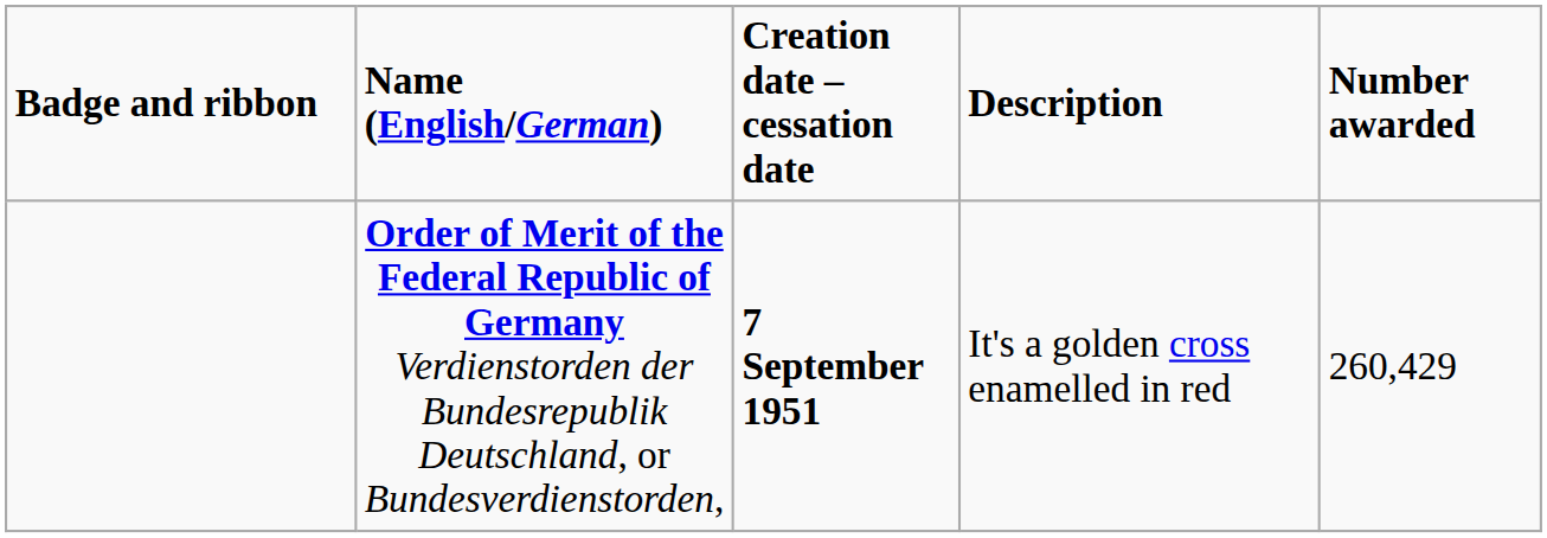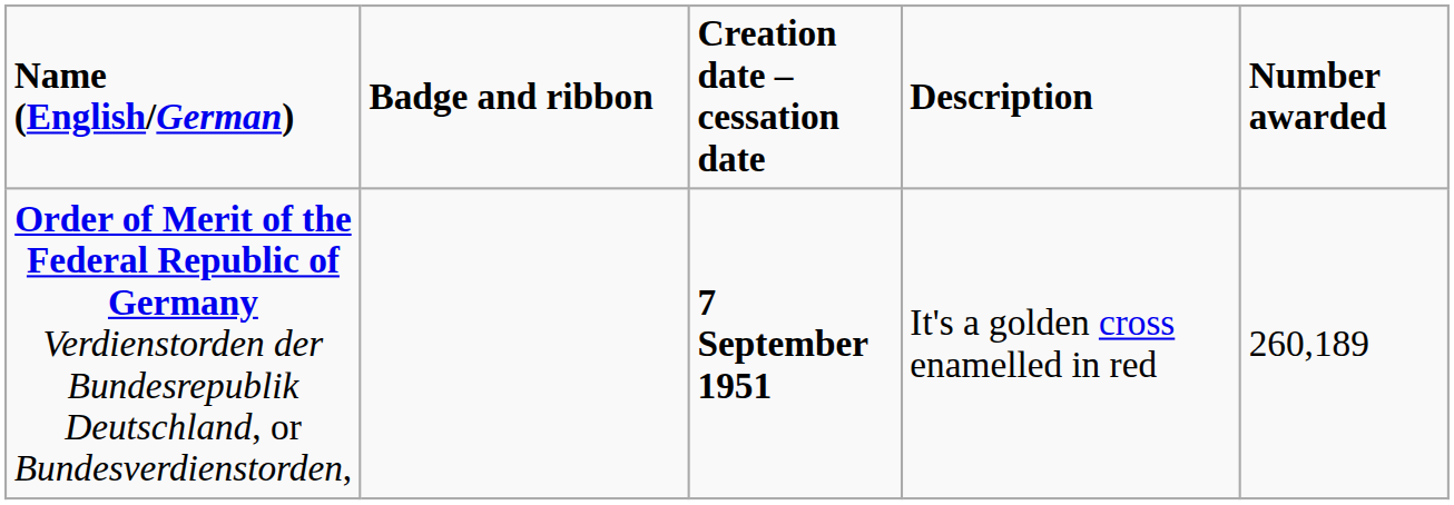 <table class="wikitable" width="100%">
 <tr>
+<td width="20%"><strong>Name (<a href='#'>English</a>/<em><a href='#'>German</a></em>)</strong></td>
 <td width="25%"><strong>Badge and ribbon</strong></td>
-<td width="20%"><strong>Name (<a href='#'>English</a>/<em><a href='#'>German</a></em>)</strong></td>
 <td width="15%"><strong>Creation date – cessation date</strong></td>
 <td width="25%"><strong>Description</strong></td>
 <td width="15%"><strong>Number awarded</strong></td>
 </tr>
 <tr>
+<td style="text-align:center;"><strong><a href='#'>Order of Merit of the Federal Republic of Germany</a></strong><br><em>Verdienstorden der Bundesrepublik Deutschland</em>, or <em>Bundesverdienstorden</em>,</td>
 <td></td>
-<td style="text-align:center;"><strong><a href='#'>Order of Merit of the Federal Republic of Germany</a></strong><br><em>Verdienstorden der Bundesrepublik Deutschland</em>, or <em>Bundesverdienstorden</em>,</td>
 <td><strong>7 September 1951</strong></td>
 <td>It's a golden <a href='#'>cross</a> enamelled in red</td>
-<td>260,429</td>
+<td>260,189</td>
 </tr>
 </table>
